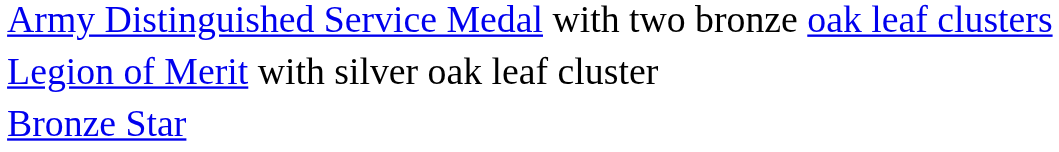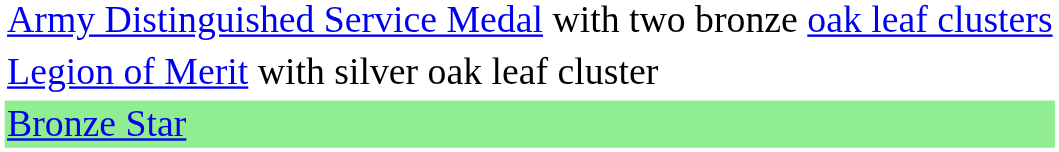 <table>
 <tr>
 <td> <a href='#'>Army Distinguished Service Medal</a> with two bronze <a href='#'>oak leaf clusters</a></td>
 </tr>
 <tr>
 <td> <a href='#'>Legion of Merit</a> with silver oak leaf cluster</td>
 </tr>
 <tr>
-<td> <a href='#'>Bronze Star</a></td>
+<td style="background: lightgreen;"> <a href='#'>Bronze Star</a></td>
 </tr>
 </table>
